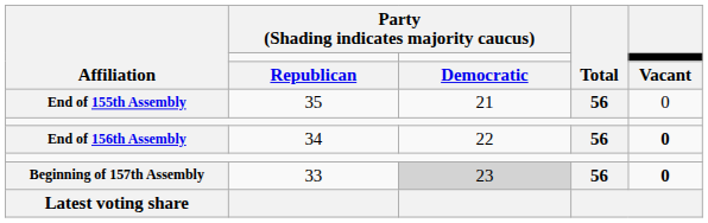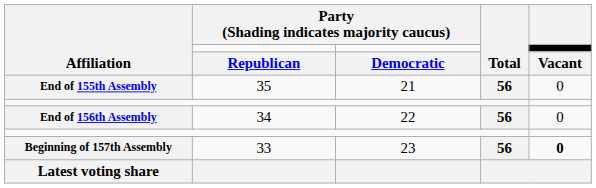 <table class=wikitable style="text-align:center; width:50%">
 <tr style="vertical-align:bottom;">
 <th rowspan=3>Affiliation</th>
 <th colspan=2>Party <div>(Shading indicates majority caucus)</div></th>
 <th rowspan=3>Total</th>
 <th></th>
 </tr>
 <tr style="height:5px">
 <td style="background-color:"></td>
 <td style="background-color:"></td>
 <td style="background: black"></td>
 </tr>
 <tr>
 <th><a href='#'>Republican</a></th>
 <th><a href='#'>Democratic</a></th>
 <th>Vacant</th>
 </tr>
 <tr>
 <th nowrap style="font-size:80%">End of <a href='#'>155th Assembly</a></th>
 <td>35</td>
 <td>21</td>
 <th>56</th>
 <td>0</td>
 </tr>
 <tr>
 <td colspan="4"></td>
 </tr>
 <tr>
 <th nowrap style="font-size:80%">End of <a href='#'>156th Assembly</a></th>
 <td>34</td>
 <td>22</td>
 <th>56</th>
-<td><strong>0</strong></td>
+<td>0</td>
 </tr>
 <tr>
 <td colspan="4"></td>
 </tr>
 <tr>
 <th nowrap style="font-size:80%">Beginning of 157th Assembly</th>
 <td>33</td>
-<td style="background: lightgrey;">23</td>
+<td>23</td>
 <th>56</th>
 <td><strong>0</strong></td>
 </tr>
 <tr>
 <th>Latest voting share</th>
 <th></th>
 <th></th>
 <th colspan=2></th>
 </tr>
 </table>
